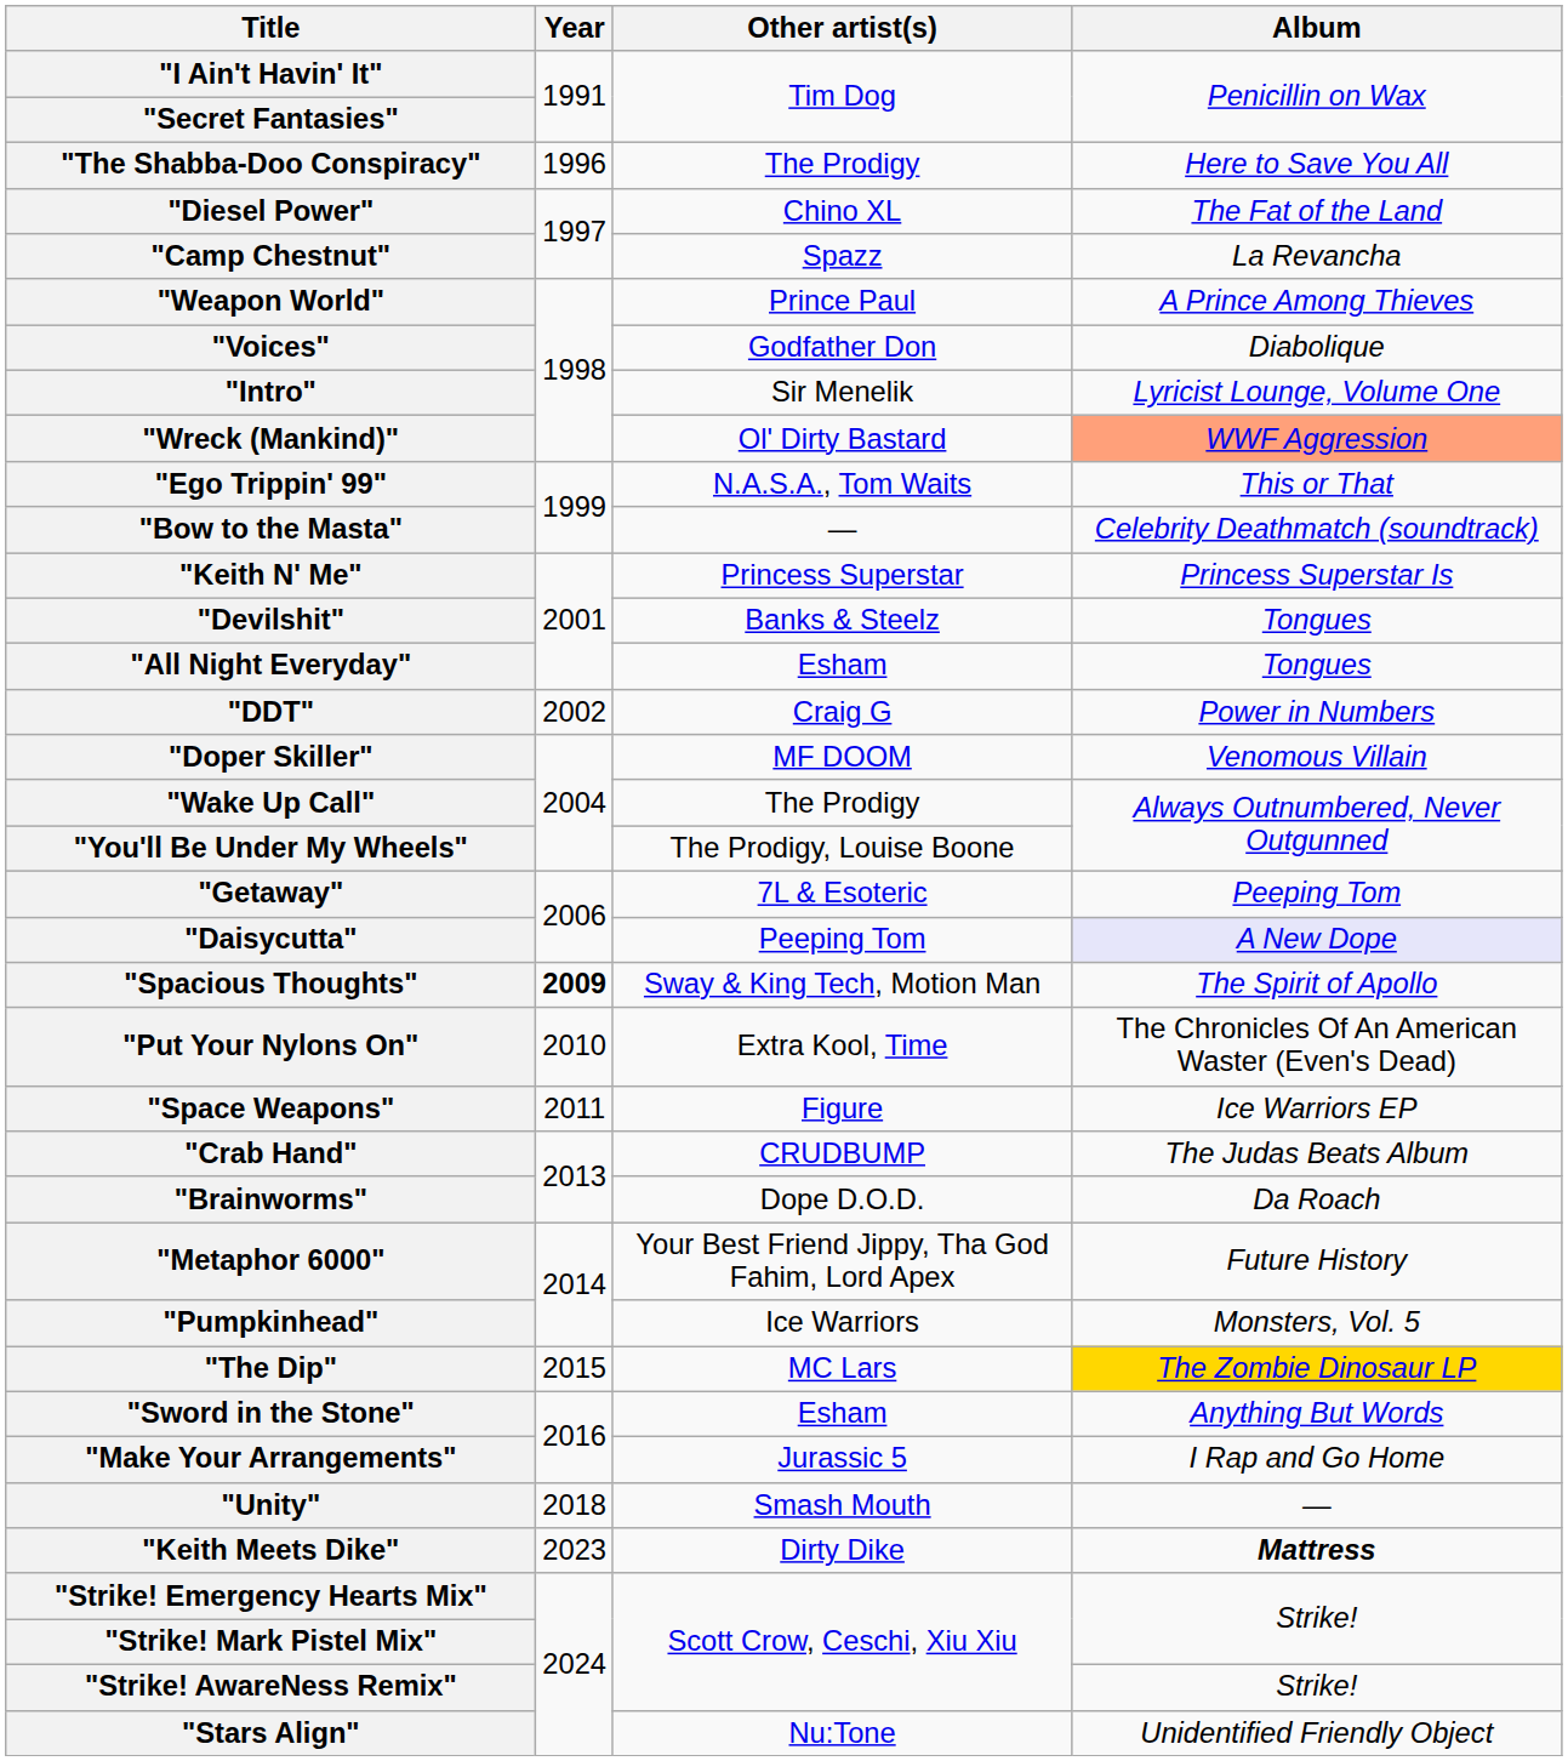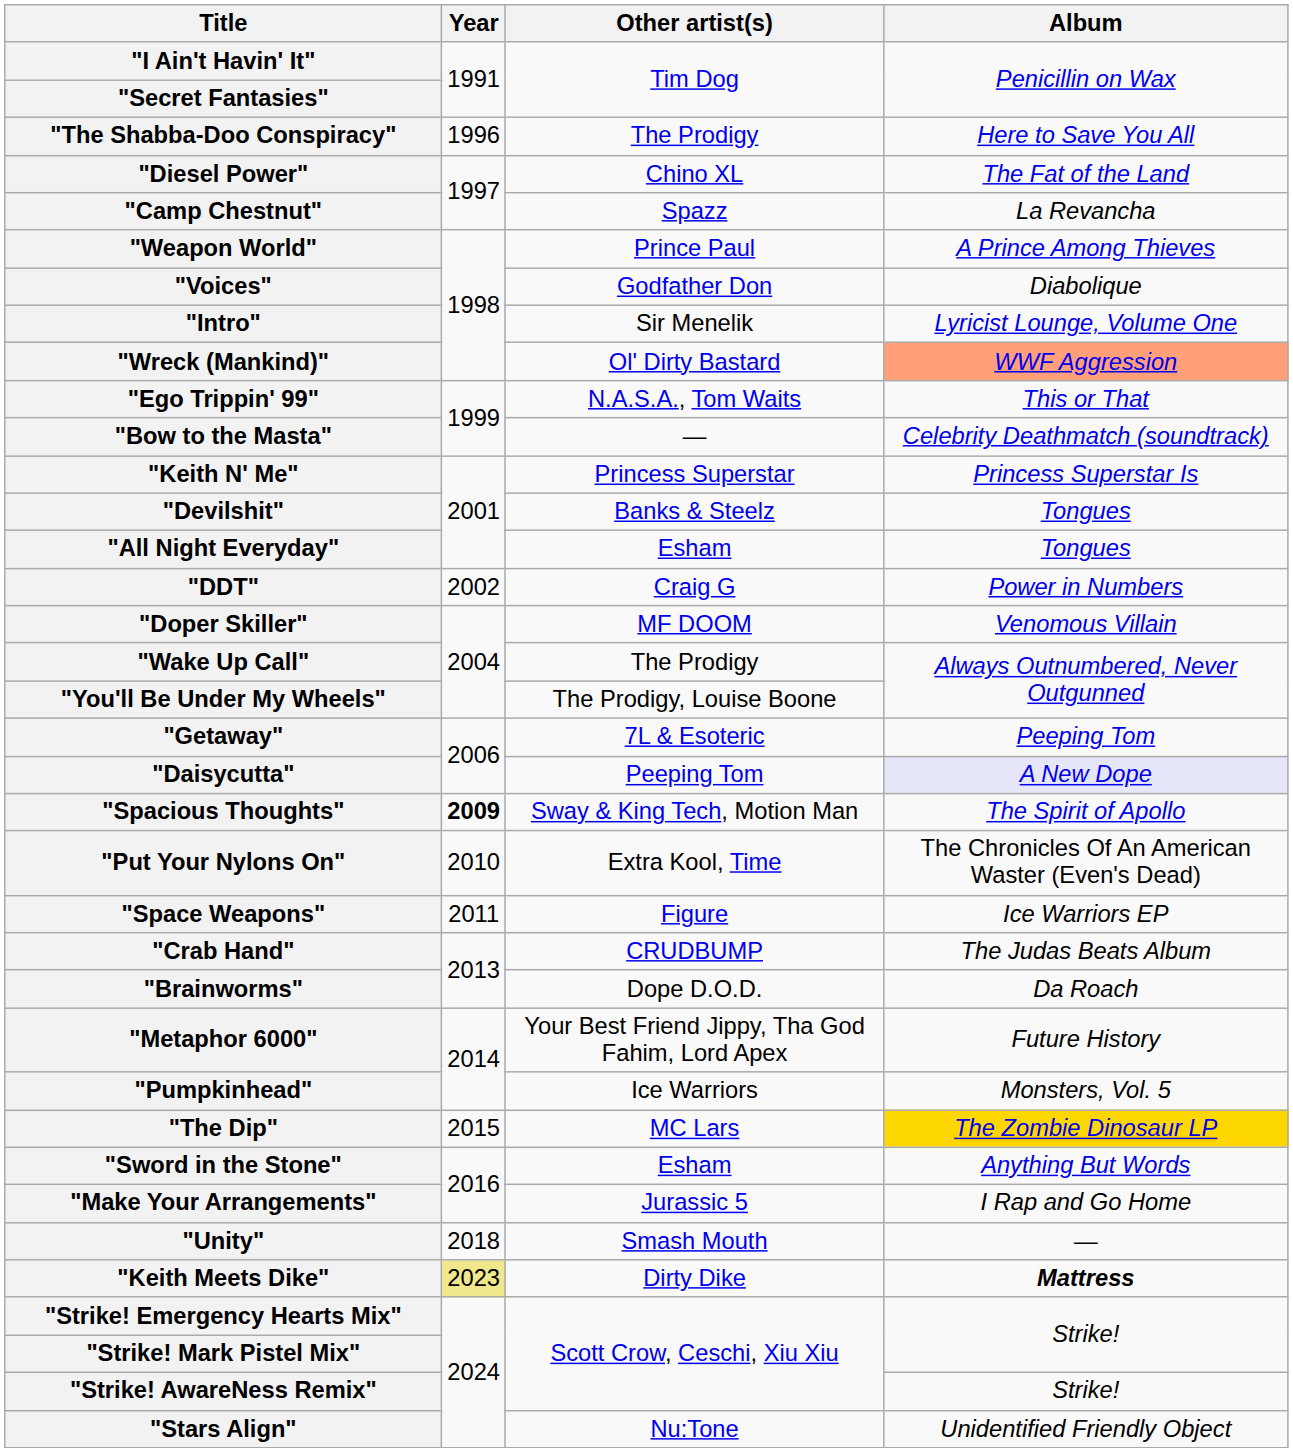 <table class="wikitable plainrowheaders" style="text-align:center;">
 <tr>
 <th scope="col" style="width:18em;">Title</th>
 <th scope="col">Year</th>
 <th scope="col">Other artist(s)</th>
 <th scope="col">Album</th>
 </tr>
 <tr>
 <th scope="row">"I Ain't Havin' It"</th>
 <td rowspan="2">1991</td>
 <td rowspan="2"><a href='#'>Tim Dog</a></td>
 <td rowspan="2"><em><a href='#'>Penicillin on Wax</a></em></td>
 </tr>
 <tr>
 <th scope="row">"Secret Fantasies"</th>
 </tr>
 <tr>
 <th scope="row">"The Shabba-Doo Conspiracy"</th>
 <td>1996</td>
 <td><a href='#'>The Prodigy</a></td>
 <td><em><a href='#'>Here to Save You All</a></em></td>
 </tr>
 <tr>
 <th scope="row">"Diesel Power"</th>
 <td rowspan="2">1997</td>
 <td><a href='#'>Chino XL</a></td>
 <td><em><a href='#'>The Fat of the Land</a></em></td>
 </tr>
 <tr>
 <th scope="row">"Camp Chestnut"</th>
 <td><a href='#'>Spazz</a></td>
 <td><em>La Revancha</em></td>
 </tr>
 <tr>
 <th scope="row">"Weapon World"</th>
 <td rowspan="4">1998</td>
 <td><a href='#'>Prince Paul</a></td>
 <td><em><a href='#'>A Prince Among Thieves</a></em></td>
 </tr>
 <tr>
 <th scope="row">"Voices"</th>
 <td><a href='#'>Godfather Don</a></td>
 <td><em>Diabolique</em></td>
 </tr>
 <tr>
 <th scope="row">"Intro"</th>
 <td>Sir Menelik</td>
 <td><em><a href='#'>Lyricist Lounge, Volume One</a></em></td>
 </tr>
 <tr>
 <th scope="row">"Wreck (Mankind)"</th>
 <td><a href='#'>Ol' Dirty Bastard</a></td>
 <td style="background: lightsalmon;"><em><a href='#'>WWF Aggression</a></em></td>
 </tr>
 <tr>
 <th scope="row">"Ego Trippin' 99"</th>
 <td rowspan="2">1999</td>
 <td><a href='#'>N.A.S.A.</a>, <a href='#'>Tom Waits</a></td>
 <td><em><a href='#'>This or That</a></em></td>
 </tr>
 <tr>
 <th scope="row">"Bow to the Masta"</th>
 <td>—</td>
 <td><em><a href='#'>Celebrity Deathmatch (soundtrack)</a></em></td>
 </tr>
 <tr>
 <th scope="row">"Keith N' Me"</th>
 <td rowspan="3">2001</td>
 <td><a href='#'>Princess Superstar</a></td>
 <td><em><a href='#'>Princess Superstar Is</a></em></td>
 </tr>
 <tr>
 <th scope="row">"Devilshit"</th>
 <td><a href='#'>Banks & Steelz</a></td>
 <td><a href='#'><em>Tongues</em></a></td>
 </tr>
 <tr>
 <th scope="row">"All Night Everyday"</th>
 <td><a href='#'>Esham</a></td>
 <td><a href='#'><em>Tongues</em></a></td>
 </tr>
 <tr>
 <th scope="row">"DDT"</th>
 <td>2002</td>
 <td><a href='#'>Craig G</a></td>
 <td><em><a href='#'>Power in Numbers</a></em></td>
 </tr>
 <tr>
 <th scope="row">"Doper Skiller"</th>
 <td rowspan="3">2004</td>
 <td><a href='#'>MF DOOM</a></td>
 <td><em><a href='#'>Venomous Villain</a></em></td>
 </tr>
 <tr>
 <th scope="row">"Wake Up Call"</th>
 <td>The Prodigy</td>
 <td rowspan="2"><em><a href='#'>Always Outnumbered, Never Outgunned</a></em></td>
 </tr>
 <tr>
 <th scope="row">"You'll Be Under My Wheels"</th>
 <td>The Prodigy, Louise Boone</td>
 </tr>
 <tr>
 <th scope="row">"Getaway"</th>
 <td rowspan="2">2006</td>
 <td><a href='#'>7L & Esoteric</a></td>
 <td><a href='#'><em>Peeping Tom</em></a></td>
 </tr>
 <tr>
 <th scope="row">"Daisycutta"</th>
 <td><a href='#'>Peeping Tom</a></td>
 <td style="background: lavender;"><em><a href='#'>A New Dope</a></em></td>
 </tr>
 <tr>
 <th scope="row">"Spacious Thoughts"</th>
 <td><strong>2009</strong></td>
 <td><a href='#'>Sway & King Tech</a>, Motion Man</td>
 <td><em><a href='#'>The Spirit of Apollo</a></em></td>
 </tr>
 <tr>
 <th scope="row">"Put Your Nylons On"</th>
 <td>2010</td>
 <td>Extra Kool, <a href='#'>Time</a></td>
 <td>The Chronicles Of An American Waster (Even's Dead)</td>
 </tr>
 <tr>
 <th scope="row">"Space Weapons"</th>
 <td>2011</td>
 <td><a href='#'>Figure</a></td>
 <td><em>Ice Warriors EP</em></td>
 </tr>
 <tr>
 <th scope="row">"Crab Hand"</th>
 <td rowspan="2">2013</td>
 <td><a href='#'>CRUDBUMP</a></td>
 <td><em>The Judas Beats Album</em></td>
 </tr>
 <tr>
 <th scope="row">"Brainworms"</th>
 <td>Dope D.O.D.</td>
 <td><em>Da Roach</em></td>
 </tr>
 <tr>
 <th scope="row">"Metaphor 6000"</th>
 <td rowspan="2">2014</td>
 <td>Your Best Friend Jippy, Tha God Fahim, Lord Apex</td>
 <td><em>Future History</em></td>
 </tr>
 <tr>
 <th scope="row">"Pumpkinhead"</th>
 <td>Ice Warriors</td>
 <td><em>Monsters, Vol. 5</em></td>
 </tr>
 <tr>
 <th scope="row">"The Dip"</th>
 <td>2015</td>
 <td><a href='#'>MC Lars</a></td>
 <td style="background: gold;"><em><a href='#'>The Zombie Dinosaur LP</a></em></td>
 </tr>
 <tr>
 <th scope="row">"Sword in the Stone"</th>
 <td rowspan="2">2016</td>
 <td><a href='#'>Esham</a></td>
 <td><em><a href='#'>Anything But Words</a></em></td>
 </tr>
 <tr>
 <th scope="row">"Make Your Arrangements"</th>
 <td><a href='#'>Jurassic 5</a></td>
 <td><em>I Rap and Go Home</em></td>
 </tr>
 <tr>
 <th scope="row">"Unity"</th>
 <td>2018</td>
 <td><a href='#'>Smash Mouth</a></td>
 <td>—</td>
 </tr>
 <tr>
 <th scope = "row">"Keith Meets Dike"</th>
-<td>2023</td>
+<td style="background: khaki;">2023</td>
 <td><a href='#'>Dirty Dike</a></td>
 <td><strong><em>Mattress</em></strong></td>
 </tr>
 <tr>
 <th scope="row">"Strike! Emergency Hearts Mix"</th>
 <td rowspan="4">2024</td>
 <td rowspan="3"><a href='#'>Scott Crow</a>, <a href='#'>Ceschi</a>, <a href='#'>Xiu Xiu</a></td>
 <td rowspan="2"><em>Strike!</em></td>
 </tr>
 <tr>
 <th scope="row">"Strike! Mark Pistel Mix"</th>
 </tr>
 <tr>
 <th scope="row">"Strike! AwareNess Remix"</th>
 <td><em>Strike!</em></td>
 </tr>
 <tr>
 <th scope="row">"Stars Align"</th>
 <td><a href='#'>Nu:Tone</a></td>
 <td><em>Unidentified Friendly Object</em></td>
 </tr>
 </table>
